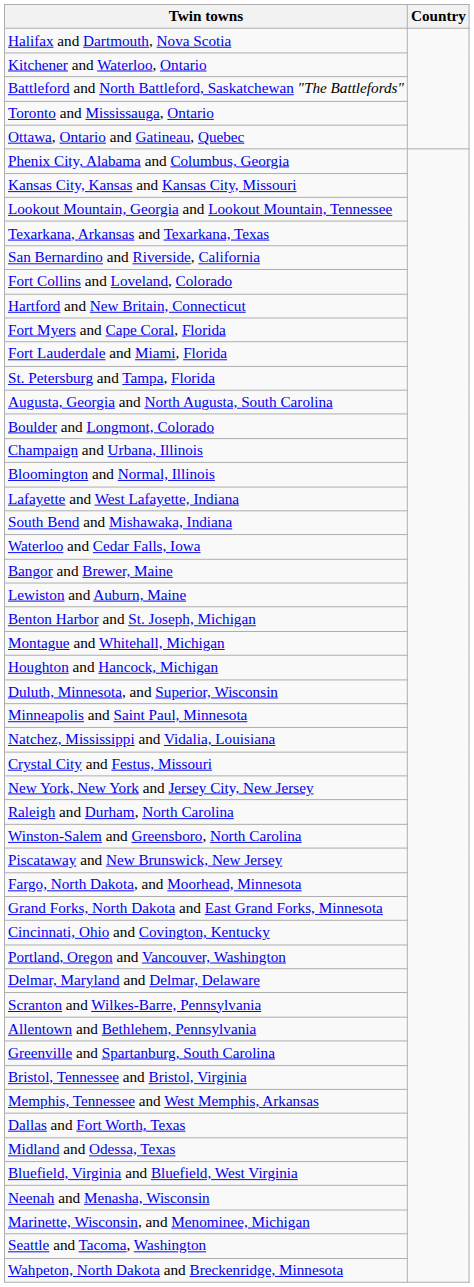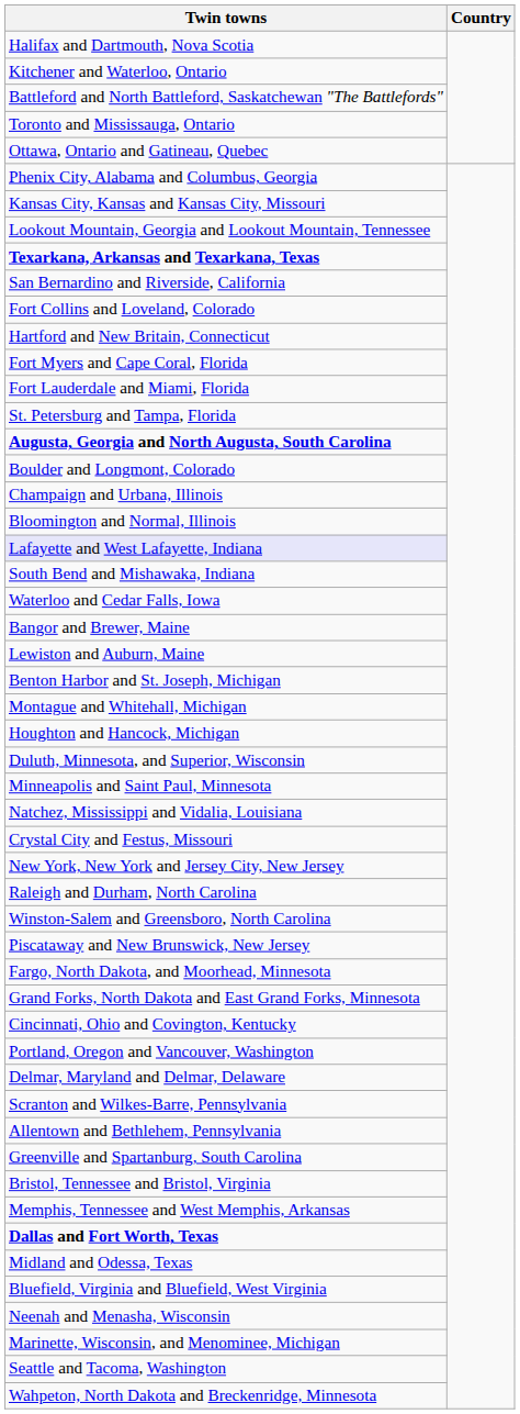 <table class="wikitable">
 <tr>
 <th>Twin towns</th>
 <th>Country</th>
 </tr>
 <tr>
 <td><a href='#'>Halifax</a> and <a href='#'>Dartmouth</a>, <a href='#'>Nova Scotia</a></td>
 <td rowspan="5"></td>
 </tr>
 <tr>
 <td><a href='#'>Kitchener</a> and <a href='#'>Waterloo</a>, <a href='#'>Ontario</a></td>
 </tr>
 <tr>
 <td><a href='#'>Battleford</a> and <a href='#'>North Battleford, Saskatchewan</a> <em>"The Battlefords"</em> </td>
 </tr>
 <tr>
 <td><a href='#'>Toronto</a> and <a href='#'>Mississauga</a>, <a href='#'>Ontario</a></td>
 </tr>
 <tr>
 <td><a href='#'>Ottawa</a>, <a href='#'>Ontario</a> and <a href='#'>Gatineau</a>, <a href='#'>Quebec</a></td>
 </tr>
 <tr>
 <td><a href='#'>Phenix City, Alabama</a> and <a href='#'>Columbus, Georgia</a></td>
 <td rowspan="47"></td>
 </tr>
 <tr>
 <td><a href='#'>Kansas City, Kansas</a> and <a href='#'>Kansas City, Missouri</a></td>
 </tr>
 <tr>
 <td><a href='#'>Lookout Mountain, Georgia</a> and <a href='#'>Lookout Mountain, Tennessee</a></td>
 </tr>
 <tr>
-<td><a href='#'>Texarkana, Arkansas</a> and <a href='#'>Texarkana, Texas</a></td>
+<td><strong><a href='#'>Texarkana, Arkansas</a> and <a href='#'>Texarkana, Texas</a></strong></td>
 </tr>
 <tr>
 <td><a href='#'>San Bernardino</a> and <a href='#'>Riverside</a>, <a href='#'>California</a></td>
 </tr>
 <tr>
 <td><a href='#'>Fort Collins</a> and <a href='#'>Loveland</a>, <a href='#'>Colorado</a></td>
 </tr>
 <tr>
 <td><a href='#'>Hartford</a> and <a href='#'>New Britain, Connecticut</a></td>
 </tr>
 <tr>
 <td><a href='#'>Fort Myers</a> and <a href='#'>Cape Coral</a>, <a href='#'>Florida</a></td>
 </tr>
 <tr>
 <td><a href='#'>Fort Lauderdale</a> and <a href='#'>Miami</a>, <a href='#'>Florida</a></td>
 </tr>
 <tr>
 <td><a href='#'>St. Petersburg</a> and <a href='#'>Tampa</a>, <a href='#'>Florida</a></td>
 </tr>
 <tr>
-<td><a href='#'>Augusta, Georgia</a> and <a href='#'>North Augusta, South Carolina</a></td>
+<td><strong><a href='#'>Augusta, Georgia</a> and <a href='#'>North Augusta, South Carolina</a></strong></td>
 </tr>
 <tr>
 <td><a href='#'>Boulder</a> and <a href='#'>Longmont, Colorado</a></td>
 </tr>
 <tr>
 <td><a href='#'>Champaign</a> and <a href='#'>Urbana, Illinois</a></td>
 </tr>
 <tr>
 <td><a href='#'>Bloomington</a> and <a href='#'>Normal, Illinois</a></td>
 </tr>
 <tr>
-<td><a href='#'>Lafayette</a> and <a href='#'>West Lafayette, Indiana</a></td>
+<td style="background: lavender;"><a href='#'>Lafayette</a> and <a href='#'>West Lafayette, Indiana</a></td>
 </tr>
 <tr>
 <td><a href='#'>South Bend</a> and <a href='#'>Mishawaka, Indiana</a></td>
 </tr>
 <tr>
 <td><a href='#'>Waterloo</a> and <a href='#'>Cedar Falls, Iowa</a></td>
 </tr>
 <tr>
 <td><a href='#'>Bangor</a> and <a href='#'>Brewer, Maine</a></td>
 </tr>
 <tr>
 <td><a href='#'>Lewiston</a> and <a href='#'>Auburn, Maine</a></td>
 </tr>
 <tr>
 <td><a href='#'>Benton Harbor</a> and <a href='#'>St. Joseph, Michigan</a></td>
 </tr>
 <tr>
 <td><a href='#'>Montague</a> and <a href='#'>Whitehall, Michigan</a></td>
 </tr>
 <tr>
 <td><a href='#'>Houghton</a> and <a href='#'>Hancock, Michigan</a></td>
 </tr>
 <tr>
 <td><a href='#'>Duluth, Minnesota</a>, and <a href='#'>Superior, Wisconsin</a></td>
 </tr>
 <tr>
 <td><a href='#'>Minneapolis</a> and <a href='#'>Saint Paul, Minnesota</a></td>
 </tr>
 <tr>
 <td><a href='#'>Natchez, Mississippi</a> and <a href='#'>Vidalia, Louisiana</a></td>
 </tr>
 <tr>
 <td><a href='#'>Crystal City</a> and <a href='#'>Festus, Missouri</a></td>
 </tr>
 <tr>
 <td><a href='#'>New York, New York</a> and <a href='#'>Jersey City, New Jersey</a></td>
 </tr>
 <tr>
 <td><a href='#'>Raleigh</a> and <a href='#'>Durham</a>, <a href='#'>North Carolina</a></td>
 </tr>
 <tr>
 <td><a href='#'>Winston-Salem</a> and <a href='#'>Greensboro</a>, <a href='#'>North Carolina</a></td>
 </tr>
 <tr>
 <td><a href='#'>Piscataway</a> and <a href='#'>New Brunswick, New Jersey</a></td>
 </tr>
 <tr>
 <td><a href='#'>Fargo, North Dakota</a>, and <a href='#'>Moorhead, Minnesota</a></td>
 </tr>
 <tr>
 <td><a href='#'>Grand Forks, North Dakota</a>  and <a href='#'>East Grand Forks, Minnesota</a></td>
 </tr>
 <tr>
 <td><a href='#'>Cincinnati, Ohio</a> and <a href='#'>Covington, Kentucky</a></td>
 </tr>
 <tr>
 <td><a href='#'>Portland, Oregon</a> and <a href='#'>Vancouver, Washington</a></td>
 </tr>
 <tr>
 <td><a href='#'>Delmar, Maryland</a> and <a href='#'>Delmar, Delaware</a></td>
 </tr>
 <tr>
 <td><a href='#'>Scranton</a> and <a href='#'>Wilkes-Barre, Pennsylvania</a></td>
 </tr>
 <tr>
 <td><a href='#'>Allentown</a> and <a href='#'>Bethlehem, Pennsylvania</a></td>
 </tr>
 <tr>
 <td><a href='#'>Greenville</a> and <a href='#'>Spartanburg, South Carolina</a></td>
 </tr>
 <tr>
 <td><a href='#'>Bristol, Tennessee</a> and <a href='#'>Bristol, Virginia</a></td>
 </tr>
 <tr>
 <td><a href='#'>Memphis, Tennessee</a> and <a href='#'>West Memphis, Arkansas</a></td>
 </tr>
 <tr>
-<td><a href='#'>Dallas</a> and <a href='#'>Fort Worth, Texas</a></td>
+<td><strong><a href='#'>Dallas</a> and <a href='#'>Fort Worth, Texas</a></strong></td>
 </tr>
 <tr>
 <td><a href='#'>Midland</a> and <a href='#'>Odessa, Texas</a></td>
 </tr>
 <tr>
 <td><a href='#'>Bluefield, Virginia</a> and <a href='#'>Bluefield, West Virginia</a></td>
 </tr>
 <tr>
 <td><a href='#'>Neenah</a> and <a href='#'>Menasha, Wisconsin</a></td>
 </tr>
 <tr>
 <td><a href='#'>Marinette, Wisconsin</a>, and <a href='#'>Menominee, Michigan</a></td>
 </tr>
 <tr>
 <td><a href='#'>Seattle</a> and <a href='#'>Tacoma</a>, <a href='#'>Washington</a></td>
 </tr>
 <tr>
 <td><a href='#'>Wahpeton, North Dakota</a> and <a href='#'>Breckenridge, Minnesota</a></td>
 </tr>
 </table>
